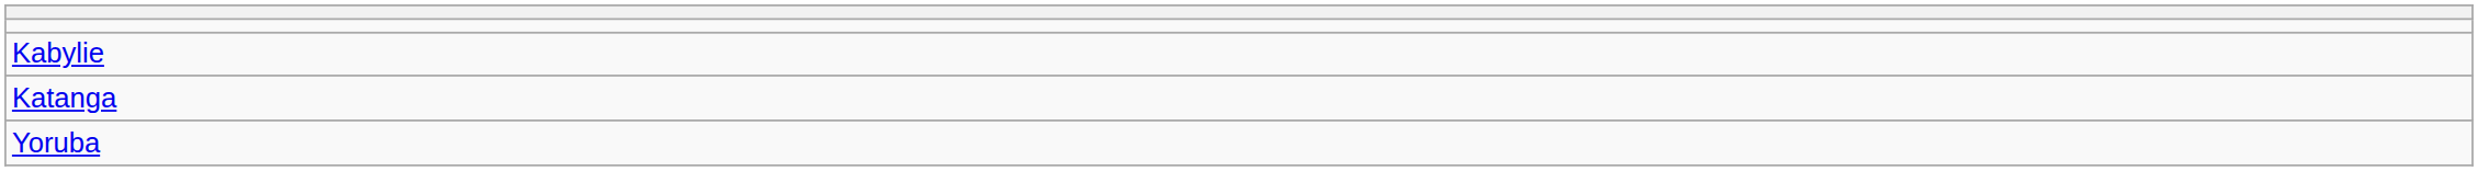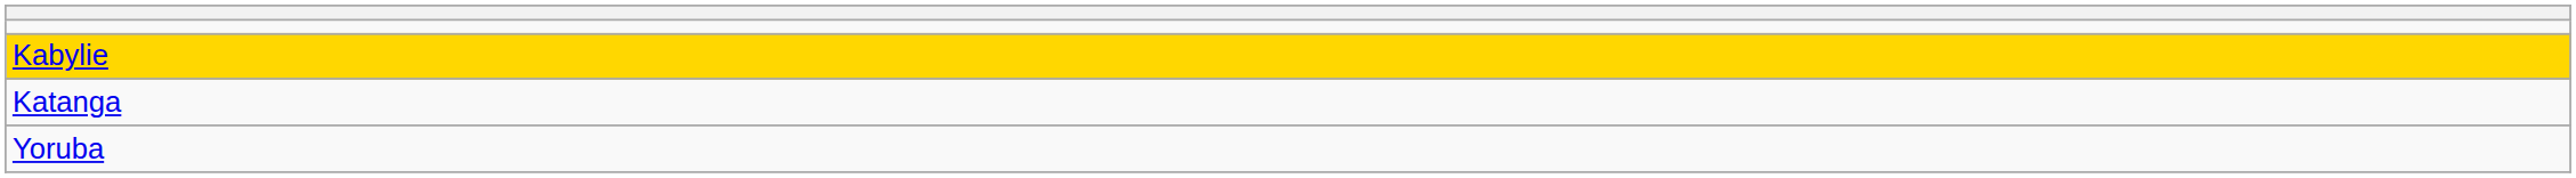 <table class="wikitable" style="font-size:90%" width=100%>
 <tr>
 <th scope="col"></th>
 </tr>
 <tr>
 <td></td>
 </tr>
 <tr>
-<td> <a href='#'>Kabylie</a></td>
+<td style="background: gold;"> <a href='#'>Kabylie</a></td>
 </tr>
 <tr>
 <td> <a href='#'>Katanga</a></td>
 </tr>
 <tr>
 <td> <a href='#'>Yoruba</a></td>
 </tr>
 </table>
